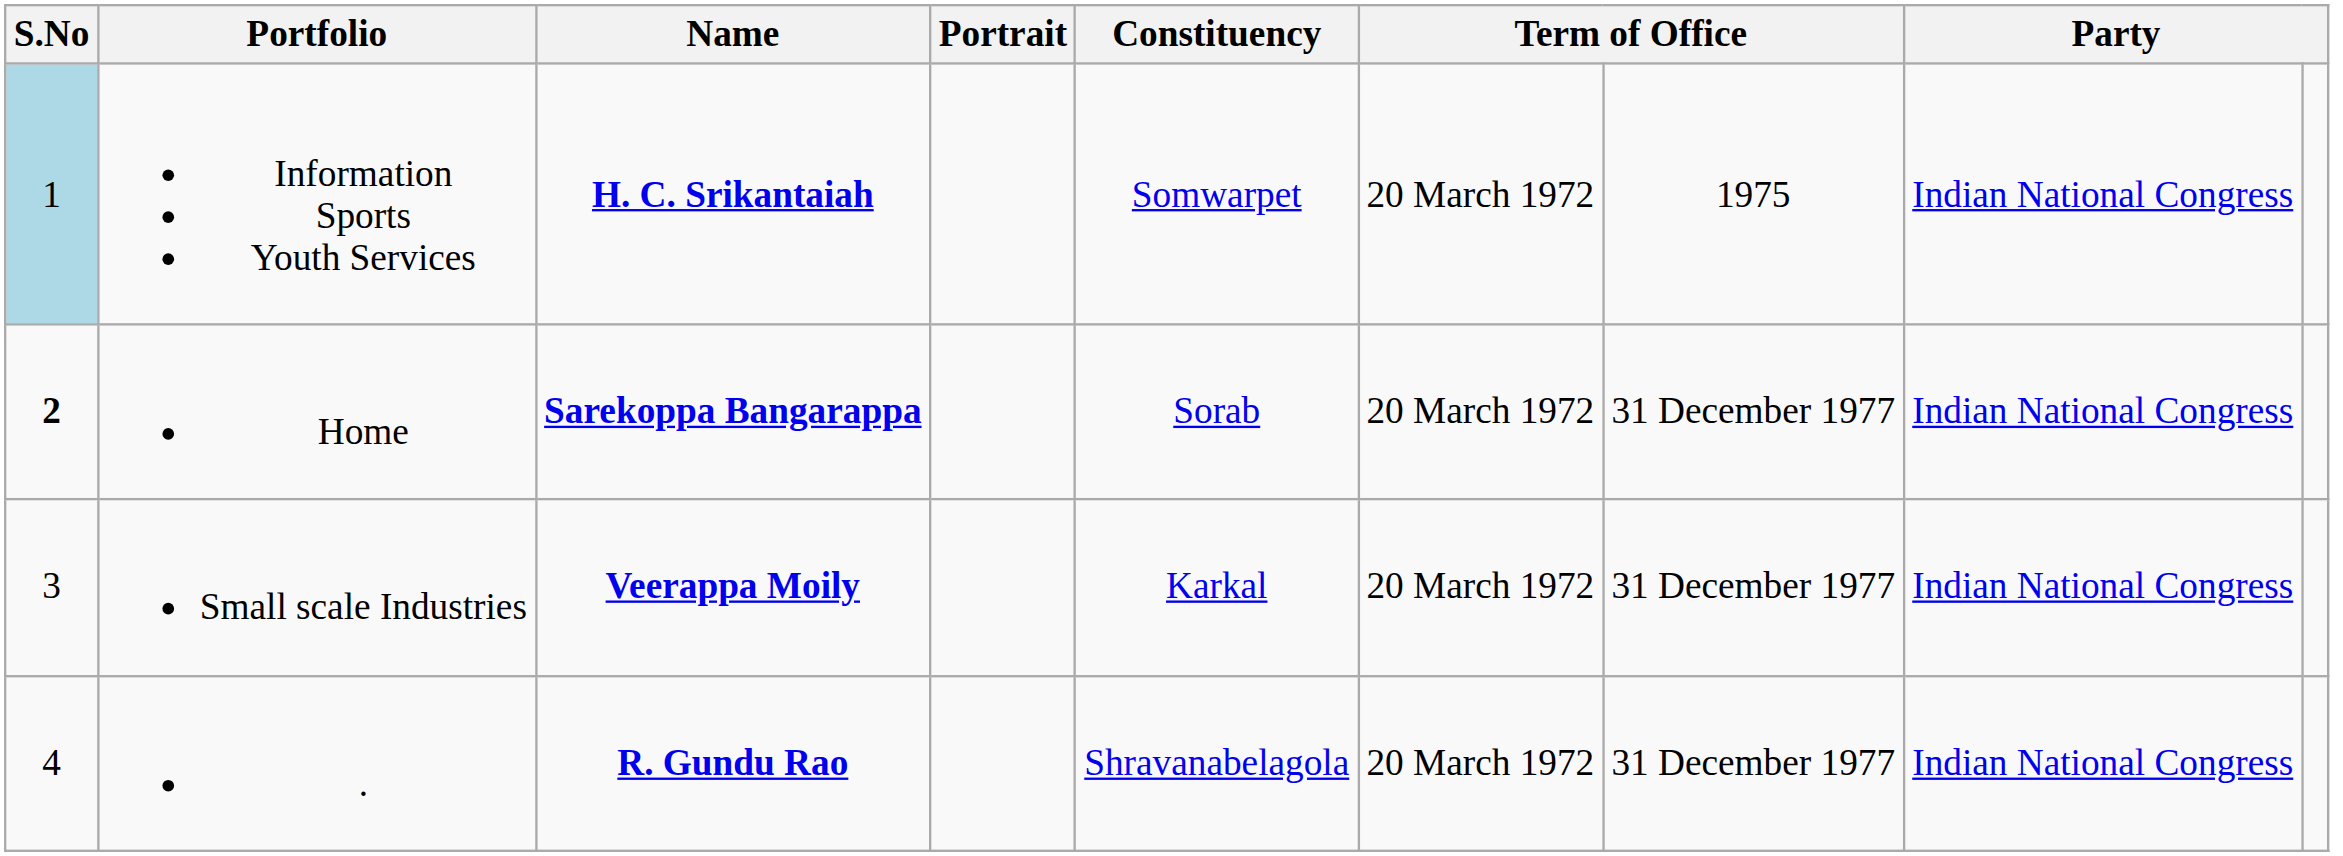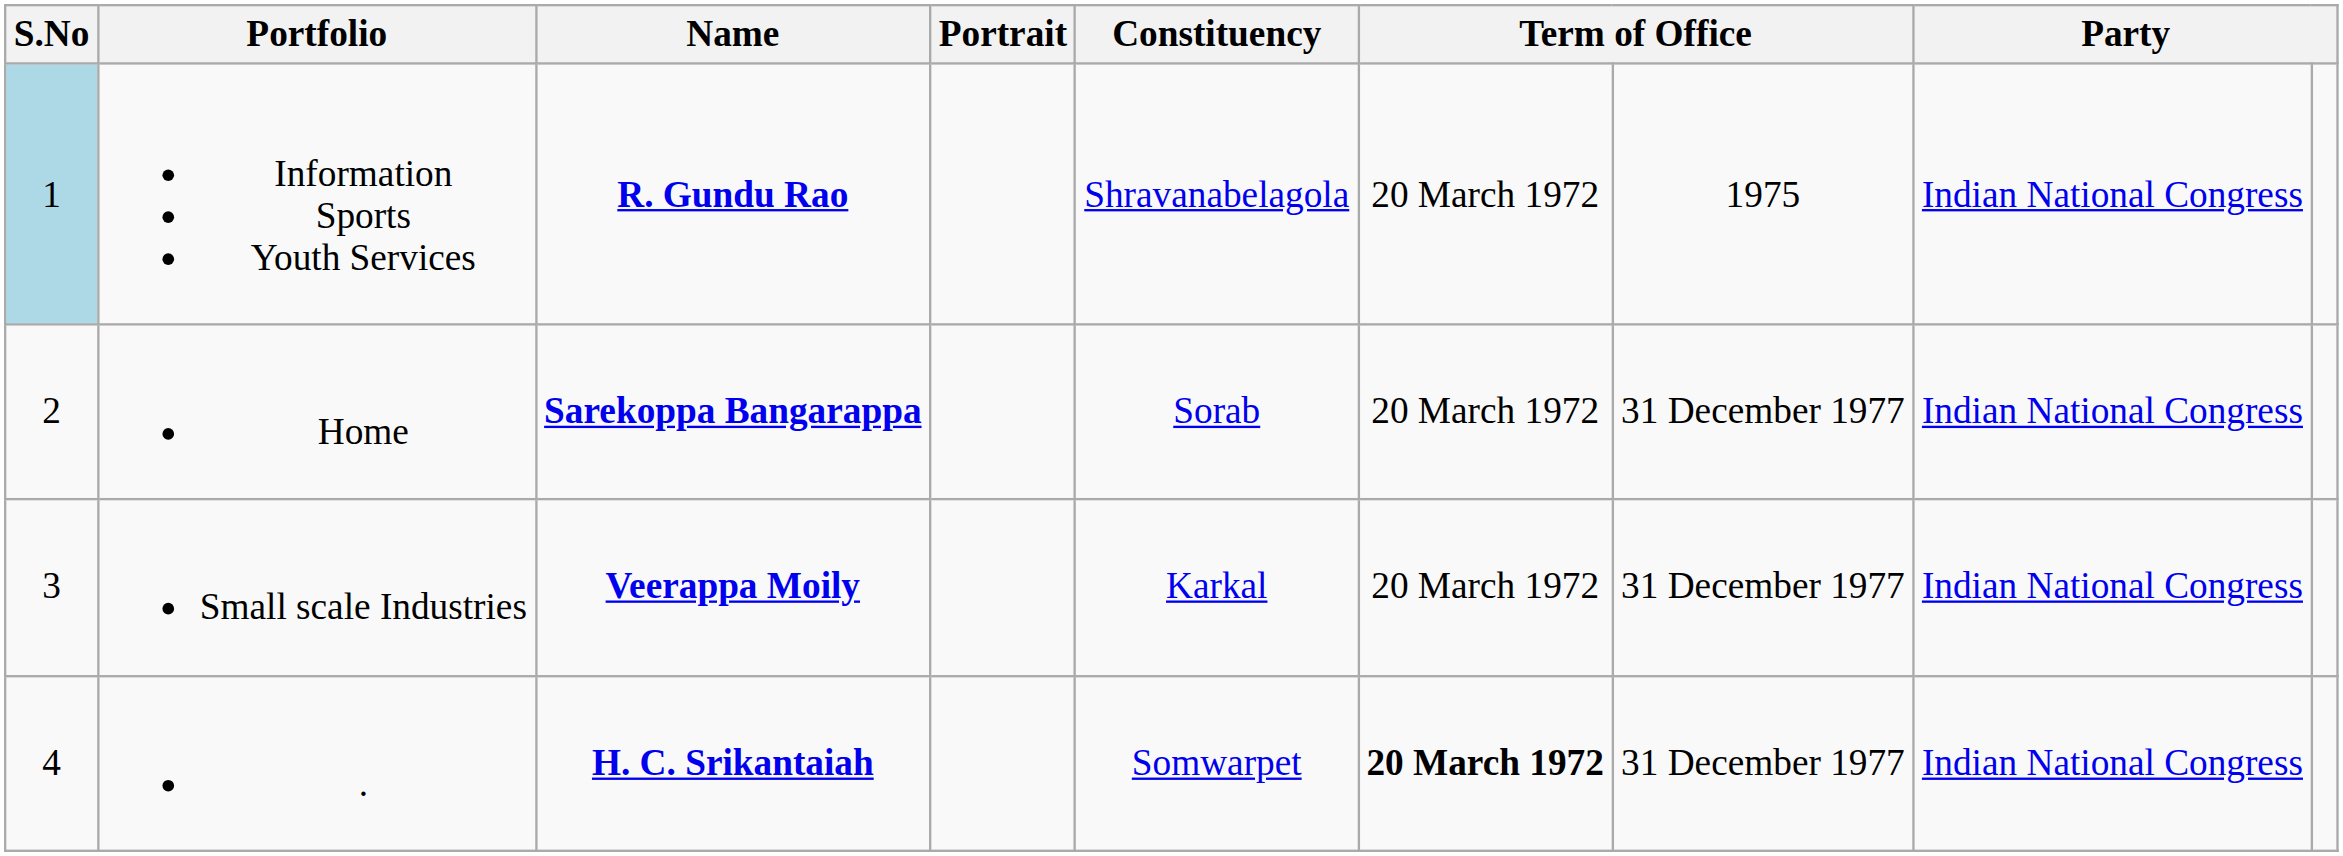 <table class="wikitable sortable" style="text-align:center;">
 <tr>
 <th>S.No</th>
 <th>Portfolio</th>
 <th>Name</th>
 <th>Portrait</th>
 <th>Constituency</th>
 <th colspan="2">Term of Office</th>
 <th colspan="2" scope="col">Party</th>
 </tr>
 <tr>
 <td style="background: lightblue;">1</td>
 <td><br><ul><li>Information</li><li>Sports</li><li>Youth Services</li></ul></td>
-<td><strong><a href='#'>H. C. Srikantaiah</a></strong></td>
+<td><strong><a href='#'>R. Gundu Rao</a></strong></td>
 <td></td>
-<td><a href='#'>Somwarpet</a></td>
+<td><a href='#'>Shravanabelagola</a></td>
 <td>20 March 1972</td>
 <td>1975</td>
 <td><a href='#'>Indian National Congress</a></td>
 <td width="4px" style="background-color: "></td>
 </tr>
 <tr>
-<td><strong>2</strong></td>
+<td>2</td>
 <td><br><ul><li>Home</li></ul></td>
 <td><strong><a href='#'>Sarekoppa Bangarappa</a></strong></td>
 <td></td>
 <td><a href='#'>Sorab</a></td>
 <td>20 March 1972</td>
 <td>31 December 1977</td>
 <td><a href='#'>Indian National Congress</a></td>
 <td width="4px" style="background-color: "></td>
 </tr>
 <tr style="text-align:center">
 <td>3</td>
 <td><br><ul><li>Small scale Industries</li></ul></td>
 <td><strong><a href='#'>Veerappa Moily</a></strong></td>
 <td></td>
 <td><a href='#'>Karkal</a></td>
 <td>20 March 1972</td>
 <td>31 December 1977</td>
 <td><a href='#'>Indian National Congress</a></td>
 <td width="4px" style="background-color: "></td>
 </tr>
 <tr>
 <td>4</td>
 <td><br><ul><li>.</li></ul></td>
-<td><strong><a href='#'>R. Gundu Rao</a></strong></td>
+<td><strong><a href='#'>H. C. Srikantaiah</a></strong></td>
 <td></td>
-<td><a href='#'>Shravanabelagola</a></td>
-<td>20 March 1972</td>
+<td><a href='#'>Somwarpet</a></td>
+<td><strong>20 March 1972</strong></td>
 <td>31 December 1977</td>
 <td><a href='#'>Indian National Congress</a></td>
 <td width="4px" style="background-color: "></td>
 </tr>
 <tr style="text-align:center">
 </tr>
 </table>
